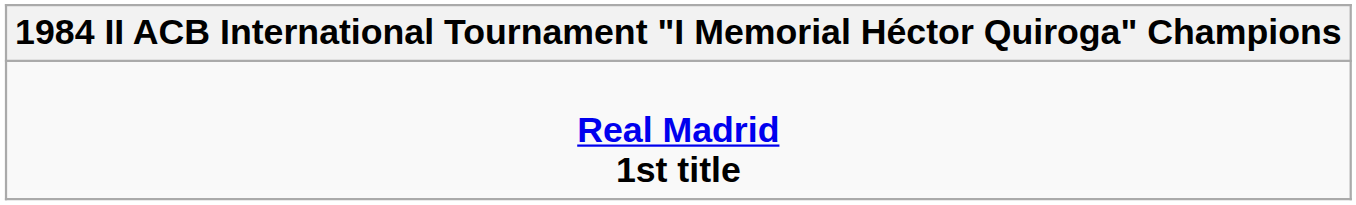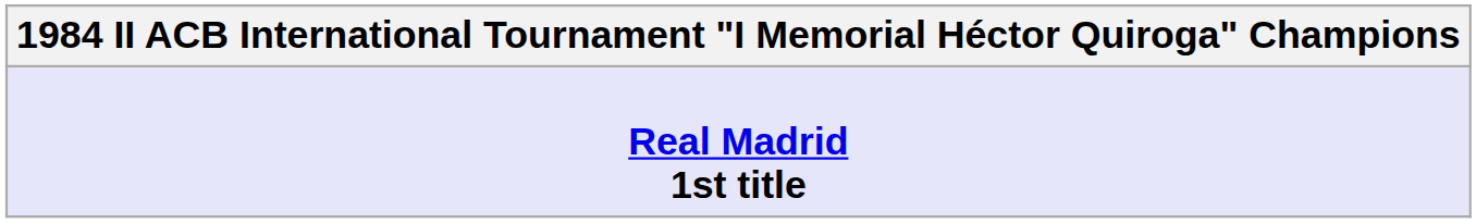 <table class=wikitable style="text-align:center; margin:auto">
 <tr>
 <th>1984 II ACB International Tournament "I Memorial Héctor Quiroga" Champions</th>
 </tr>
 <tr>
-<td><br> <strong><a href='#'>Real Madrid</a></strong> <br> <strong>1st title</strong></td>
+<td style="background: lavender;"><br> <strong><a href='#'>Real Madrid</a></strong> <br> <strong>1st title</strong></td>
 </tr>
 </table>
